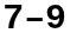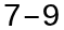 <table style="text-align:center">
 <tr>
 <th width=200></th>
 <th width=100></th>
 <th width=200></th>
 </tr>
 <tr>
 <td align=right></td>
-<td><strong>7–9</strong></td>
+<td>7–9</td>
 <td align=left><strong></strong></td>
 </tr>
 </table>
